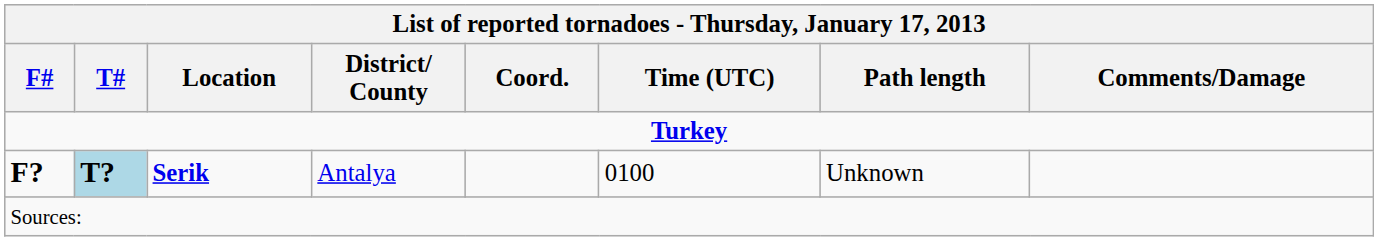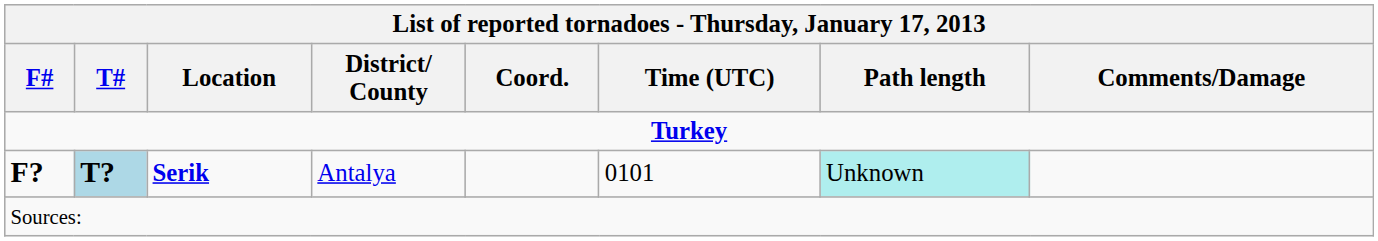 <table class="wikitable collapsible" width="100%">
 <tr>
 <th colspan="8">List of reported tornadoes - Thursday, January 17, 2013</th>
 </tr>
 <tr>
 <th><a href='#'>F#</a></th>
 <th><a href='#'>T#</a></th>
 <th>Location</th>
 <th>District/<br>County</th>
 <th>Coord.</th>
 <th>Time (UTC)</th>
 <th>Path length</th>
 <th>Comments/Damage</th>
 </tr>
 <tr>
 <td colspan="8" align=center><strong><a href='#'>Turkey</a></strong></td>
 </tr>
 <tr>
 <td><big><strong>F?</strong></big></td>
 <td style="background: lightblue;"><big><strong>T?</strong></big></td>
 <td><strong><a href='#'>Serik</a></strong></td>
 <td><a href='#'>Antalya</a></td>
 <td></td>
-<td>0100</td>
-<td>Unknown</td>
+<td>0101</td>
+<td style="background: paleturquoise;">Unknown</td>
 <td></td>
 </tr>
 <tr>
 <td colspan="8"><small>Sources:  </small></td>
 </tr>
 </table>
